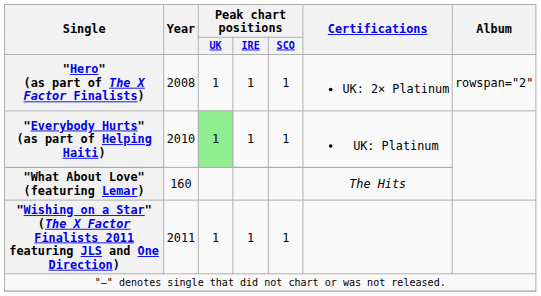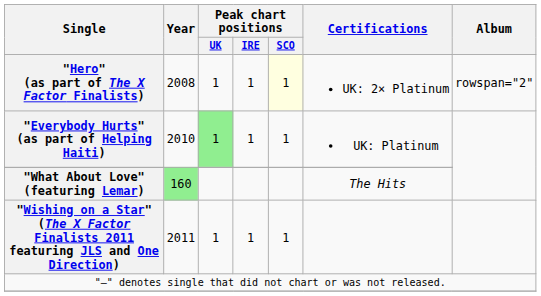 <table class="wikitable plainrowheaders" style="text-align:center;">
 <tr>
 <th scope="colw" rowspan="2" style="width:13em;">Single</th>
 <th scope="col" rowspan="2">Year</th>
 <th scope="col" colspan="3">Peak chart positions</th>
 <th scope="col" rowspan="2"><a href='#'>Certifications</a></th>
 <th scope="col" rowspan="2">Album</th>
 </tr>
 <tr>
 <th scope="col" style="width:3em;font-size:85%;"><a href='#'>UK</a><br></th>
 <th scope="col" style="width:3em;font-size:85%;"><a href='#'>IRE</a><br></th>
 <th scope="col" style="width:3em;font-size:85%;"><a href='#'>SCO</a><br></th>
 </tr>
 <tr>
 <th scope="row">"<a href='#'>Hero</a>"<br><span>(as part of <a href='#'><em>The X Factor</em> Finalists</a>)</span></th>
 <td>2008</td>
 <td>1</td>
 <td>1</td>
-<td>1</td>
+<td style="background: lightyellow;">1</td>
 <td><br><ul><li>UK: 2× Platinum</li></ul></td>
 <td>rowspan="2" </td>
 </tr>
 <tr>
 <th scope="row">"<a href='#'>Everybody Hurts</a>"<br><span>(as part of <a href='#'>Helping Haiti</a>)</span></th>
 <td rowspan="2">2010</td>
 <td style="background: lightgreen;">1</td>
 <td>1</td>
 <td>1</td>
 <td><br><ul><li>UK: Platinum</li></ul></td>
 </tr>
 <tr your maaaaa,1×>
 </tr>
 <tr>
 <th scope="row">"What About Love"<br><span>(featuring <a href='#'>Lemar</a>)</span></th>
-<td>160</td>
+<td style="background: lightgreen;">160</td>
 <td></td>
 <td></td>
 <td></td>
 <td><em>The Hits</em></td>
 </tr>
 <tr>
 <th scope="row">"<a href='#'>Wishing on a Star</a>"<br><span>(<a href='#'><em>The X Factor</em> Finalists 2011</a> featuring <a href='#'>JLS</a> and <a href='#'>One Direction</a>)</span></th>
 <td>2011</td>
 <td>1</td>
 <td>1</td>
 <td>1</td>
 <td></td>
 <td></td>
 </tr>
 <tr>
 <td colspan="20" style="text-align:center; font-size:85%;">"—" denotes single that did not chart or was not released.</td>
 </tr>
 <tr>
 </tr>
 </table>
